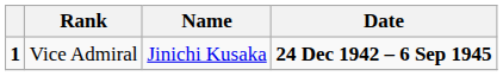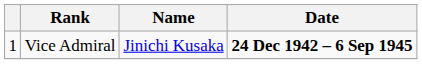 <table class=wikitable>
 <tr>
 <th></th>
 <th>Rank</th>
 <th>Name</th>
 <th>Date</th>
 </tr>
 <tr>
-<td><strong>1</strong></td>
+<td>1</td>
 <td>Vice Admiral</td>
 <td><a href='#'>Jinichi Kusaka</a></td>
 <td><strong>24 Dec 1942 – 6 Sep 1945</strong></td>
 </tr>
 <tr>
 </tr>
 </table>
